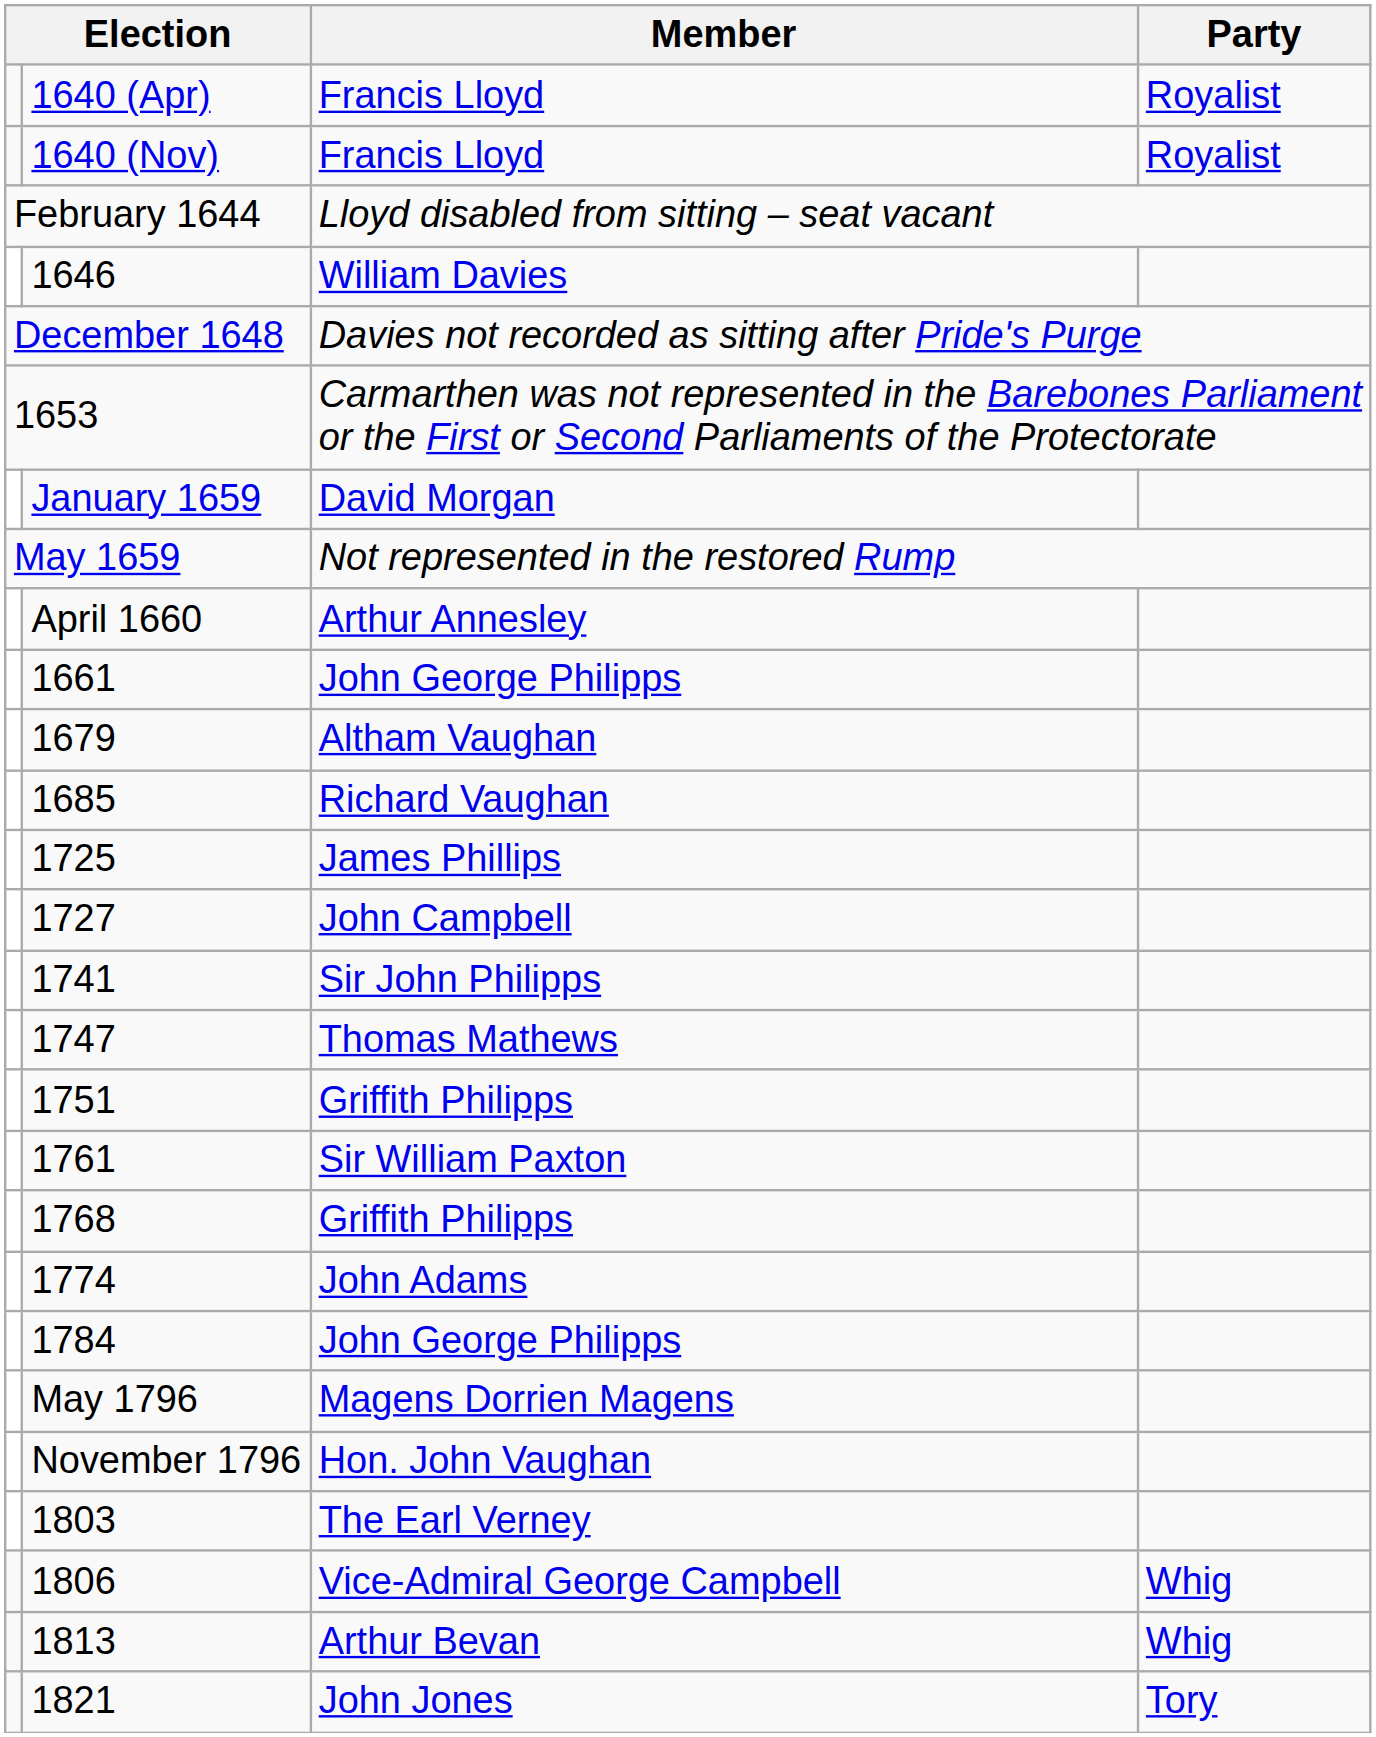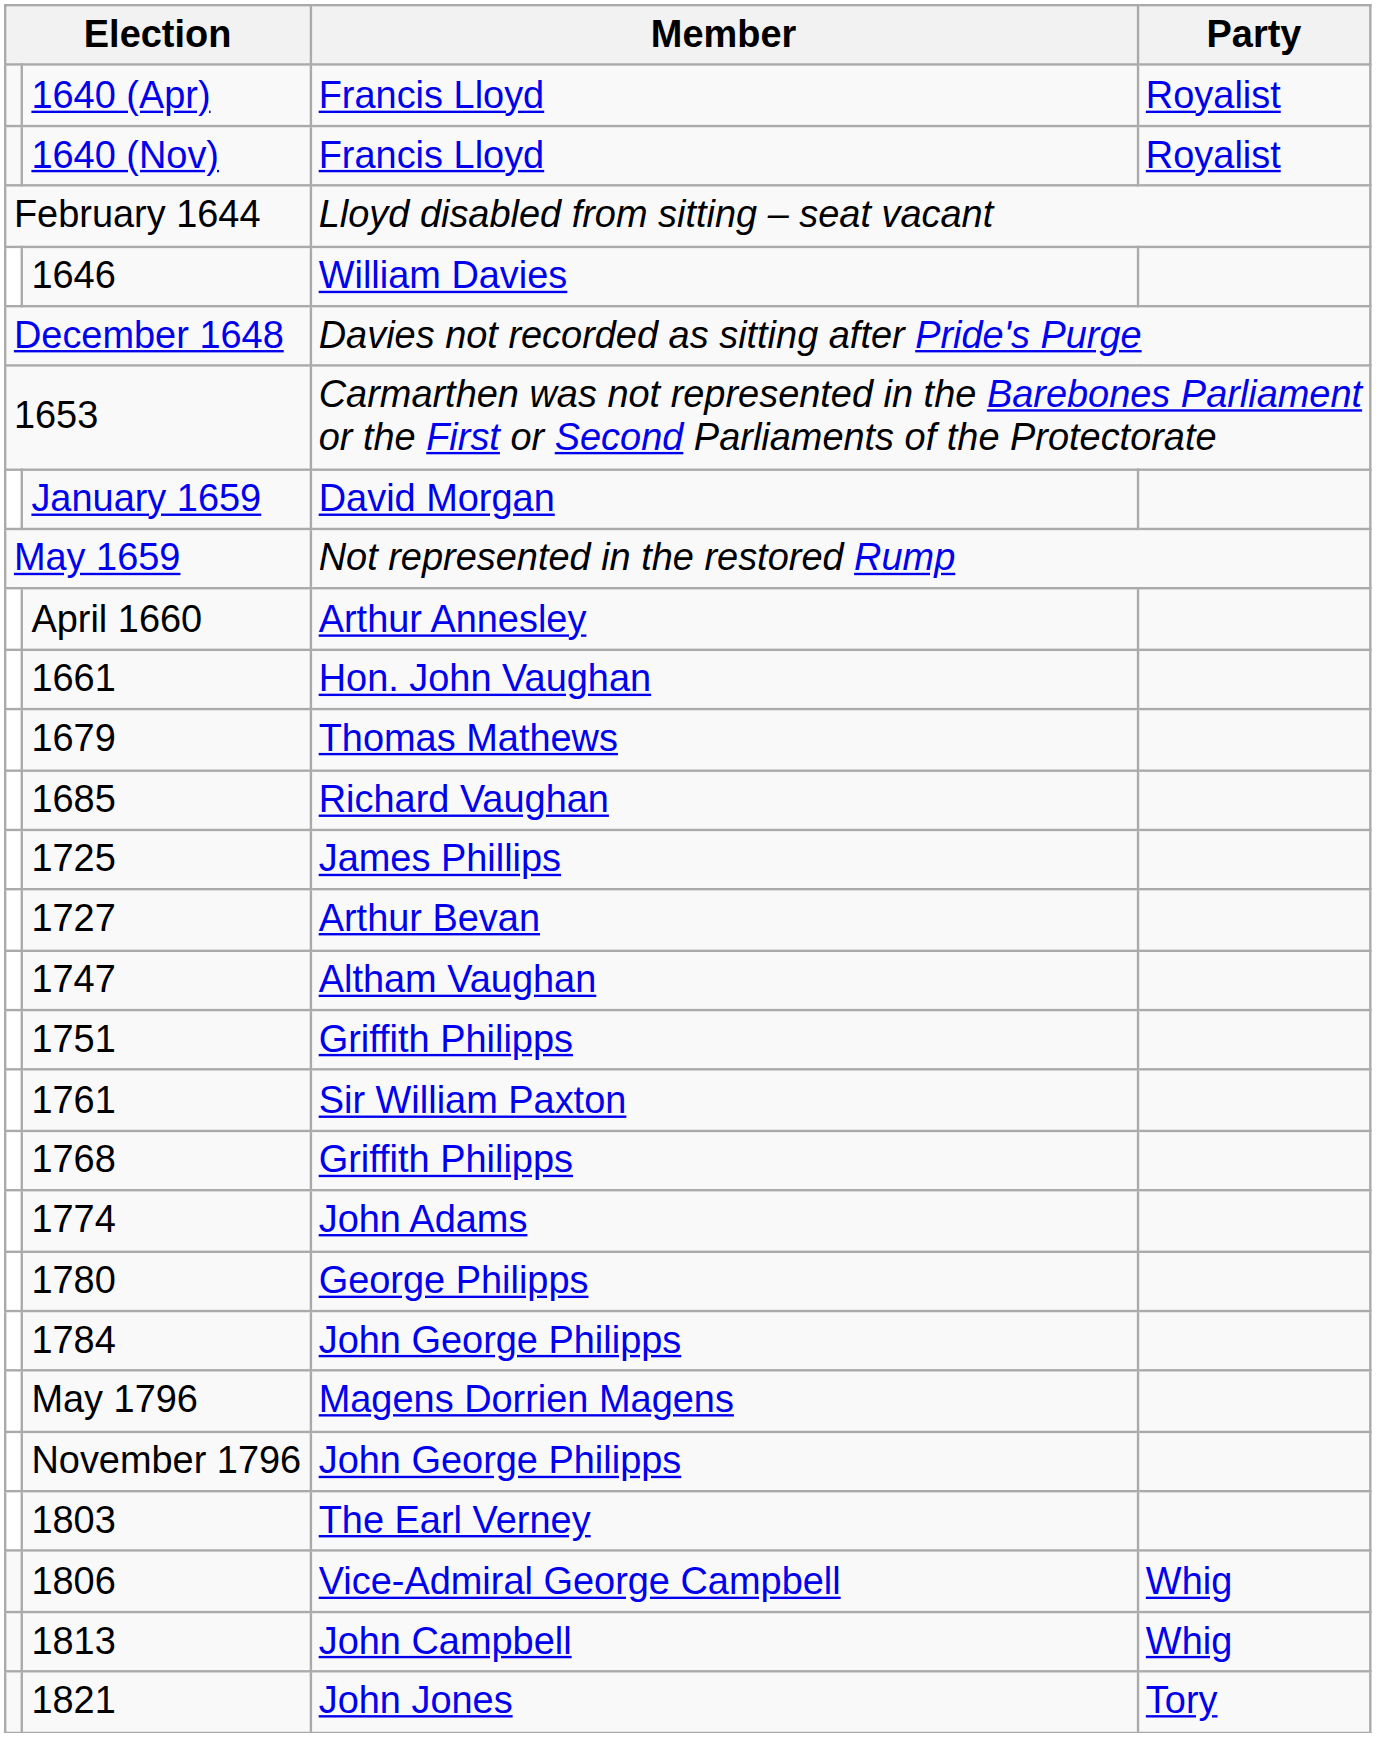 <table class="wikitable">
 <tr>
 <th colspan="2">Election</th>
 <th>Member</th>
 <th>Party</th>
 </tr>
 <tr>
 <td style="color:inherit;background-color: "></td>
 <td><a href='#'>1640 (Apr)</a></td>
 <td><a href='#'>Francis Lloyd</a></td>
 <td><a href='#'>Royalist</a></td>
 </tr>
 <tr>
 <td style="color:inherit;background-color: "></td>
 <td><a href='#'>1640 (Nov)</a></td>
 <td><a href='#'>Francis Lloyd</a></td>
 <td><a href='#'>Royalist</a></td>
 </tr>
 <tr>
 <td colspan="2">February 1644</td>
 <td colspan="2"><em>Lloyd disabled from sitting – seat vacant</em></td>
 </tr>
 <tr>
 <td style="color:inherit;background-color: white"></td>
 <td>1646</td>
 <td><a href='#'>William Davies</a></td>
 <td></td>
 </tr>
 <tr>
 <td colspan="2"><a href='#'>December 1648</a></td>
 <td colspan="2"><em>Davies not recorded as sitting after <a href='#'>Pride's Purge</a></em></td>
 </tr>
 <tr>
 <td colspan="2">1653</td>
 <td colspan="2"><em>Carmarthen was not represented in the <a href='#'>Barebones Parliament</a><br>or the <a href='#'>First</a> or <a href='#'>Second</a> Parliaments of the Protectorate</em></td>
 </tr>
 <tr>
 <td style="color:inherit;background-color: white"></td>
 <td><a href='#'>January 1659</a></td>
 <td><a href='#'>David Morgan</a></td>
 <td></td>
 </tr>
 <tr>
 <td colspan="2"><a href='#'>May 1659</a></td>
 <td colspan="2"><em>Not represented in the restored <a href='#'>Rump</a></em></td>
 </tr>
 <tr>
 <td style="color:inherit;background-color: white"></td>
 <td>April 1660</td>
 <td><a href='#'>Arthur Annesley</a></td>
 <td></td>
 </tr>
 <tr>
 <td style="color:inherit;background-color: white"></td>
 <td>1661</td>
-<td><a href='#'>John George Philipps</a></td>
+<td><a href='#'>Hon. John Vaughan</a></td>
 <td></td>
 </tr>
 <tr>
 <td style="color:inherit;background-color: white"></td>
 <td>1679</td>
-<td><a href='#'>Altham Vaughan</a></td>
+<td><a href='#'>Thomas Mathews</a></td>
 <td></td>
 </tr>
 <tr>
 <td style="color:inherit;background-color: white"></td>
 <td>1685</td>
 <td><a href='#'>Richard Vaughan</a></td>
 <td></td>
 </tr>
 <tr>
 <td style="color:inherit;background-color: white"></td>
 <td>1725</td>
 <td><a href='#'>James Phillips</a></td>
 <td></td>
 </tr>
 <tr>
 <td style="color:inherit;background-color: white"></td>
 <td>1727</td>
-<td><a href='#'>John Campbell</a></td>
-<td></td>
-</tr>
-<tr>
-<td style="color:inherit;background-color: white"></td>
-<td>1741</td>
-<td><a href='#'>Sir John Philipps</a></td>
+<td><a href='#'>Arthur Bevan</a></td>
 <td></td>
 </tr>
 <tr>
 <td style="color:inherit;background-color: white"></td>
 <td>1747</td>
-<td><a href='#'>Thomas Mathews</a></td>
+<td><a href='#'>Altham Vaughan</a></td>
 <td></td>
 </tr>
 <tr>
 <td style="color:inherit;background-color: white"></td>
 <td>1751</td>
 <td><a href='#'>Griffith Philipps</a></td>
 <td></td>
 </tr>
 <tr>
 <td style="color:inherit;background-color: white"></td>
 <td>1761</td>
 <td><a href='#'>Sir William Paxton</a></td>
 <td></td>
 </tr>
 <tr>
 <td style="color:inherit;background-color: white"></td>
 <td>1768</td>
 <td><a href='#'>Griffith Philipps</a></td>
 <td></td>
 </tr>
 <tr>
 <td style="color:inherit;background-color: white"></td>
 <td>1774</td>
 <td><a href='#'>John Adams</a></td>
 <td></td>
 </tr>
 <tr>
 <td style="color:inherit;background-color: white"></td>
+<td>1780</td>
+<td><a href='#'>George Philipps</a></td>
+<td></td>
+</tr>
+<tr>
+<td style="color:inherit;background-color: white"></td>
 <td>1784</td>
 <td><a href='#'>John George Philipps</a></td>
 <td></td>
 </tr>
 <tr>
 <td style="color:inherit;background-color: white"></td>
 <td>May 1796</td>
 <td><a href='#'>Magens Dorrien Magens</a></td>
 <td></td>
 </tr>
 <tr>
 <td style="color:inherit;background-color: white"></td>
 <td>November 1796</td>
-<td><a href='#'>Hon. John Vaughan</a></td>
+<td><a href='#'>John George Philipps</a></td>
 <td></td>
 </tr>
 <tr>
 <td style="color:inherit;background-color: white"></td>
 <td>1803</td>
 <td><a href='#'>The Earl Verney</a></td>
 <td></td>
 </tr>
 <tr>
 <td style="color:inherit;background-color: "></td>
 <td>1806</td>
 <td><a href='#'>Vice-Admiral George Campbell</a></td>
 <td><a href='#'>Whig</a></td>
 </tr>
 <tr>
 <td style="color:inherit;background-color: "></td>
 <td>1813</td>
-<td><a href='#'>Arthur Bevan</a></td>
+<td><a href='#'>John Campbell</a></td>
 <td><a href='#'>Whig</a></td>
 </tr>
 <tr>
 <td style="color:inherit;background-color: "></td>
 <td>1821</td>
 <td><a href='#'>John Jones</a></td>
 <td><a href='#'>Tory</a></td>
 </tr>
 </table>
